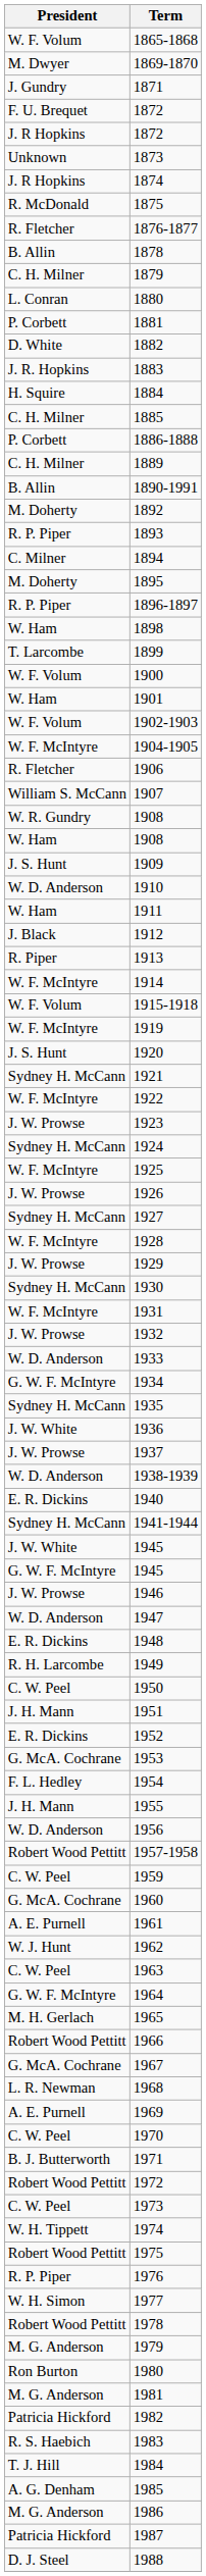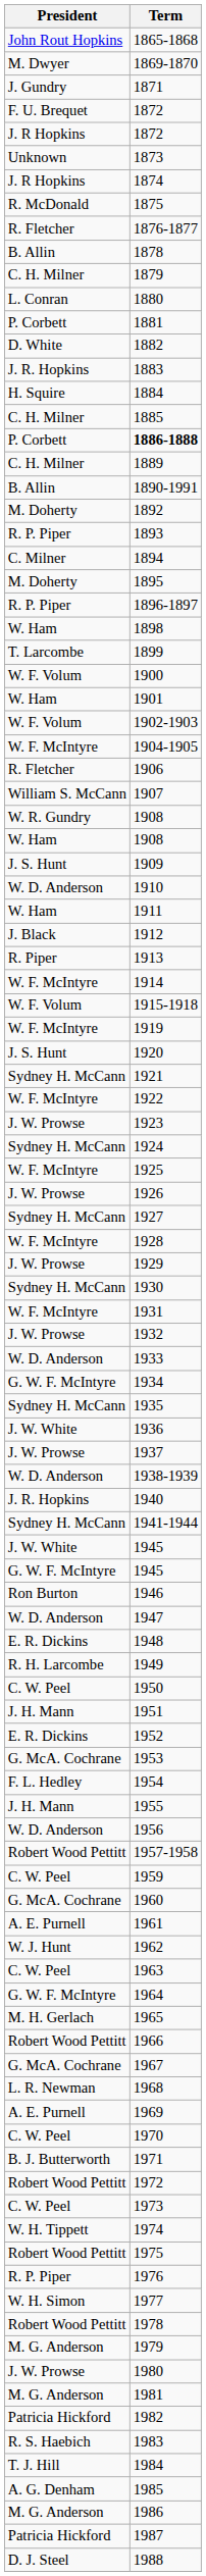 <table class="wikitable">
 <tr>
 <th>President</th>
 <th>Term</th>
 </tr>
 <tr>
-<td>W. F. Volum</td>
+<td><a href='#'>John Rout Hopkins</a></td>
 <td>1865-1868</td>
 </tr>
 <tr>
 <td>M. Dwyer</td>
 <td>1869-1870</td>
 </tr>
 <tr>
 <td>J. Gundry</td>
 <td>1871</td>
 </tr>
 <tr>
 <td>F. U. Brequet</td>
 <td>1872</td>
 </tr>
 <tr>
 <td>J. R Hopkins</td>
 <td>1872</td>
 </tr>
 <tr>
 <td>Unknown</td>
 <td>1873</td>
 </tr>
 <tr>
 <td>J. R Hopkins</td>
 <td>1874</td>
 </tr>
 <tr>
 <td>R. McDonald</td>
 <td>1875</td>
 </tr>
 <tr>
 <td>R. Fletcher</td>
 <td>1876-1877</td>
 </tr>
 <tr>
 <td>B. Allin</td>
 <td>1878</td>
 </tr>
 <tr>
 <td>C. H. Milner</td>
 <td>1879</td>
 </tr>
 <tr>
 <td>L. Conran</td>
 <td>1880</td>
 </tr>
 <tr>
 <td>P. Corbett</td>
 <td>1881</td>
 </tr>
 <tr>
 <td>D. White</td>
 <td>1882</td>
 </tr>
 <tr>
 <td>J. R. Hopkins</td>
 <td>1883</td>
 </tr>
 <tr>
 <td>H. Squire</td>
 <td>1884</td>
 </tr>
 <tr>
 <td>C. H. Milner</td>
 <td>1885</td>
 </tr>
 <tr>
 <td>P. Corbett</td>
-<td>1886-1888</td>
+<td><strong>1886-1888</strong></td>
 </tr>
 <tr>
 <td>C. H. Milner</td>
 <td>1889</td>
 </tr>
 <tr>
 <td>B. Allin</td>
 <td>1890-1991</td>
 </tr>
 <tr>
 <td>M. Doherty</td>
 <td>1892</td>
 </tr>
 <tr>
 <td>R. P. Piper</td>
 <td>1893</td>
 </tr>
 <tr>
 <td>C. Milner</td>
 <td>1894</td>
 </tr>
 <tr>
 <td>M. Doherty</td>
 <td>1895</td>
 </tr>
 <tr>
 <td>R. P. Piper</td>
 <td>1896-1897</td>
 </tr>
 <tr>
 <td>W. Ham</td>
 <td>1898</td>
 </tr>
 <tr>
 <td>T. Larcombe</td>
 <td>1899</td>
 </tr>
 <tr>
 <td>W. F. Volum</td>
 <td>1900</td>
 </tr>
 <tr>
 <td>W. Ham</td>
 <td>1901</td>
 </tr>
 <tr>
 <td>W. F. Volum</td>
 <td>1902-1903</td>
 </tr>
 <tr>
 <td>W. F. McIntyre</td>
 <td>1904-1905</td>
 </tr>
 <tr>
 <td>R. Fletcher</td>
 <td>1906</td>
 </tr>
 <tr>
 <td>William S. McCann</td>
 <td>1907</td>
 </tr>
 <tr>
 <td>W. R. Gundry</td>
 <td>1908</td>
 </tr>
 <tr>
 <td>W. Ham</td>
 <td>1908</td>
 </tr>
 <tr>
 <td>J. S. Hunt</td>
 <td>1909</td>
 </tr>
 <tr>
 <td>W. D. Anderson</td>
 <td>1910</td>
 </tr>
 <tr>
 <td>W. Ham</td>
 <td>1911</td>
 </tr>
 <tr>
 <td>J. Black</td>
 <td>1912</td>
 </tr>
 <tr>
 <td>R. Piper</td>
 <td>1913</td>
 </tr>
 <tr>
 <td>W. F. McIntyre</td>
 <td>1914</td>
 </tr>
 <tr>
 <td>W. F. Volum</td>
 <td>1915-1918</td>
 </tr>
 <tr>
 <td>W. F. McIntyre</td>
 <td>1919</td>
 </tr>
 <tr>
 <td>J. S. Hunt</td>
 <td>1920</td>
 </tr>
 <tr>
 <td>Sydney H. McCann</td>
 <td>1921</td>
 </tr>
 <tr>
 <td>W. F. McIntyre</td>
 <td>1922</td>
 </tr>
 <tr>
 <td>J. W. Prowse</td>
 <td>1923</td>
 </tr>
 <tr>
 <td>Sydney H. McCann</td>
 <td>1924</td>
 </tr>
 <tr>
 <td>W. F. McIntyre</td>
 <td>1925</td>
 </tr>
 <tr>
 <td>J. W. Prowse</td>
 <td>1926</td>
 </tr>
 <tr>
 <td>Sydney H. McCann</td>
 <td>1927</td>
 </tr>
 <tr>
 <td>W. F. McIntyre</td>
 <td>1928</td>
 </tr>
 <tr>
 <td>J. W. Prowse</td>
 <td>1929</td>
 </tr>
 <tr>
 <td>Sydney H. McCann</td>
 <td>1930</td>
 </tr>
 <tr>
 <td>W. F. McIntyre</td>
 <td>1931</td>
 </tr>
 <tr>
 <td>J. W. Prowse</td>
 <td>1932</td>
 </tr>
 <tr>
 <td>W. D. Anderson</td>
 <td>1933</td>
 </tr>
 <tr>
 <td>G. W. F. McIntyre</td>
 <td>1934</td>
 </tr>
 <tr>
 <td>Sydney H. McCann</td>
 <td>1935</td>
 </tr>
 <tr>
 <td>J. W. White</td>
 <td>1936</td>
 </tr>
 <tr>
 <td>J. W. Prowse</td>
 <td>1937</td>
 </tr>
 <tr>
 <td>W. D. Anderson</td>
 <td>1938-1939</td>
 </tr>
 <tr>
-<td>E. R. Dickins</td>
+<td>J. R. Hopkins</td>
 <td>1940</td>
 </tr>
 <tr>
 <td>Sydney H. McCann</td>
 <td>1941-1944</td>
 </tr>
 <tr>
 <td>J. W. White</td>
 <td>1945</td>
 </tr>
 <tr>
 <td>G. W. F. McIntyre</td>
 <td>1945</td>
 </tr>
 <tr>
-<td>J. W. Prowse</td>
+<td>Ron Burton</td>
 <td>1946</td>
 </tr>
 <tr>
 <td>W. D. Anderson</td>
 <td>1947</td>
 </tr>
 <tr>
 <td>E. R. Dickins</td>
 <td>1948</td>
 </tr>
 <tr>
 <td>R. H. Larcombe</td>
 <td>1949</td>
 </tr>
 <tr>
 <td>C. W. Peel</td>
 <td>1950</td>
 </tr>
 <tr>
 <td>J. H. Mann</td>
 <td>1951</td>
 </tr>
 <tr>
 <td>E. R. Dickins</td>
 <td>1952</td>
 </tr>
 <tr>
 <td>G. McA. Cochrane</td>
 <td>1953</td>
 </tr>
 <tr>
 <td>F. L. Hedley</td>
 <td>1954</td>
 </tr>
 <tr>
 <td>J. H. Mann</td>
 <td>1955</td>
 </tr>
 <tr>
 <td>W. D. Anderson</td>
 <td>1956</td>
 </tr>
 <tr>
 <td>Robert Wood Pettitt</td>
 <td>1957-1958</td>
 </tr>
 <tr>
 <td>C. W. Peel</td>
 <td>1959</td>
 </tr>
 <tr>
 <td>G. McA. Cochrane</td>
 <td>1960</td>
 </tr>
 <tr>
 <td>A. E. Purnell</td>
 <td>1961</td>
 </tr>
 <tr>
 <td>W. J. Hunt</td>
 <td>1962</td>
 </tr>
 <tr>
 <td>C. W. Peel</td>
 <td>1963</td>
 </tr>
 <tr>
 <td>G. W. F. McIntyre</td>
 <td>1964</td>
 </tr>
 <tr>
 <td>M. H. Gerlach</td>
 <td>1965</td>
 </tr>
 <tr>
 <td>Robert Wood Pettitt</td>
 <td>1966</td>
 </tr>
 <tr>
 <td>G. McA. Cochrane</td>
 <td>1967</td>
 </tr>
 <tr>
 <td>L. R. Newman</td>
 <td>1968</td>
 </tr>
 <tr>
 <td>A. E. Purnell</td>
 <td>1969</td>
 </tr>
 <tr>
 <td>C. W. Peel</td>
 <td>1970</td>
 </tr>
 <tr>
 <td>B. J. Butterworth</td>
 <td>1971</td>
 </tr>
 <tr>
 <td>Robert Wood Pettitt</td>
 <td>1972</td>
 </tr>
 <tr>
 <td>C. W. Peel</td>
 <td>1973</td>
 </tr>
 <tr>
 <td>W. H. Tippett</td>
 <td>1974</td>
 </tr>
 <tr>
 <td>Robert Wood Pettitt</td>
 <td>1975</td>
 </tr>
 <tr>
 <td>R. P. Piper</td>
 <td>1976</td>
 </tr>
 <tr>
 <td>W. H. Simon</td>
 <td>1977</td>
 </tr>
 <tr>
 <td>Robert Wood Pettitt</td>
 <td>1978</td>
 </tr>
 <tr>
 <td>M. G. Anderson</td>
 <td>1979</td>
 </tr>
 <tr>
-<td>Ron Burton</td>
+<td>J. W. Prowse</td>
 <td>1980</td>
 </tr>
 <tr>
 <td>M. G. Anderson</td>
 <td>1981</td>
 </tr>
 <tr>
 <td>Patricia Hickford</td>
 <td>1982</td>
 </tr>
 <tr>
 <td>R. S. Haebich</td>
 <td>1983</td>
 </tr>
 <tr>
 <td>T. J. Hill</td>
 <td>1984</td>
 </tr>
 <tr>
 <td>A. G. Denham</td>
 <td>1985</td>
 </tr>
 <tr>
 <td>M. G. Anderson</td>
 <td>1986</td>
 </tr>
 <tr>
 <td>Patricia Hickford</td>
 <td>1987</td>
 </tr>
 <tr>
 <td>D. J. Steel</td>
 <td>1988</td>
 </tr>
 <tr>
 </tr>
 </table>
